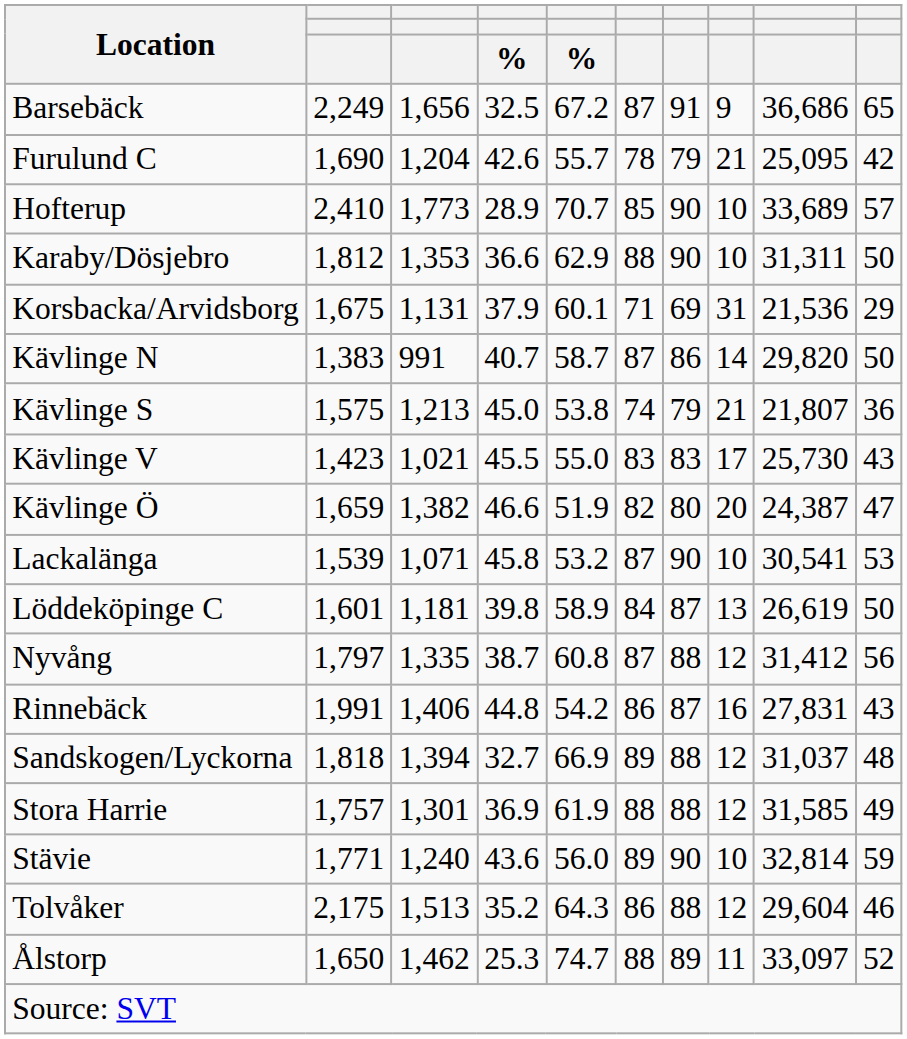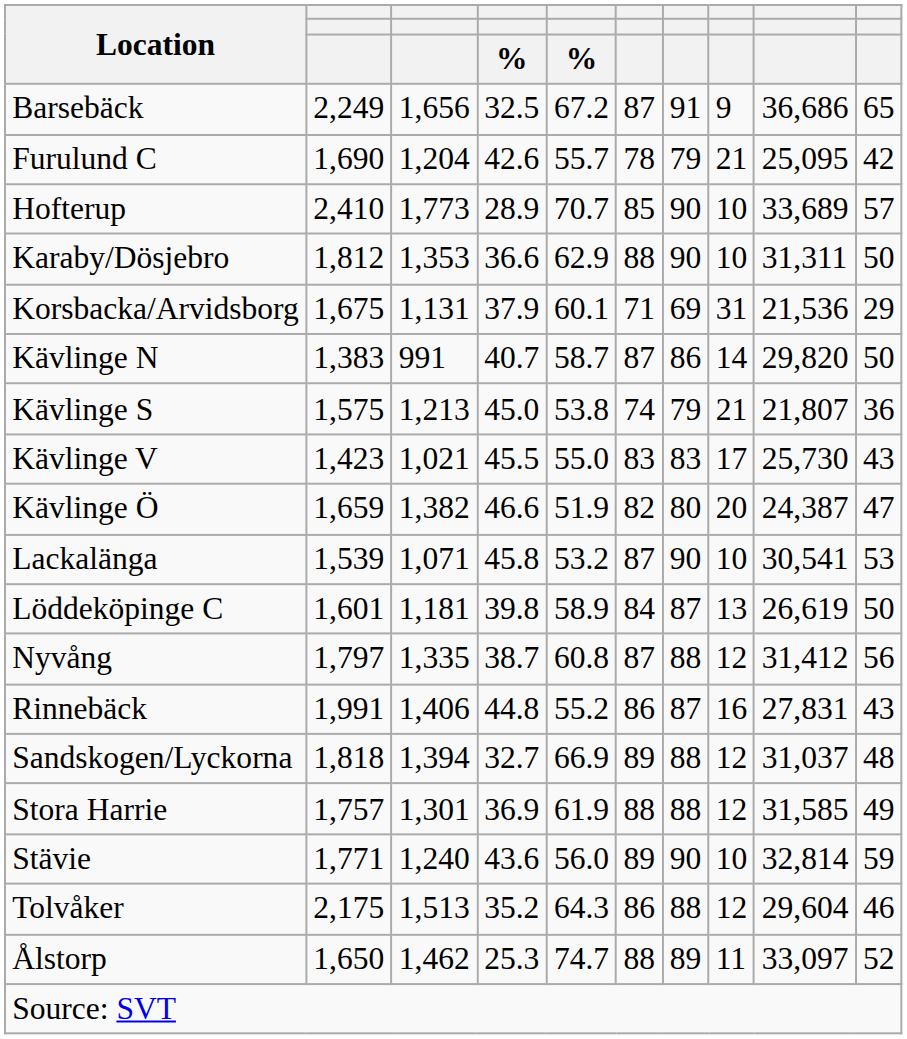 <table role="presentation" class="wikitable sortable mw-collapsible">
 <tr>
 <th rowspan="3">Location</th>
 <th></th>
 <th></th>
 <th></th>
 <th></th>
 <th></th>
 <th></th>
 <th></th>
 <th></th>
 <th></th>
 </tr>
 <tr>
 <th></th>
 <th></th>
 <th style="background:"></th>
 <th style="background:"></th>
 <th></th>
 <th></th>
 <th></th>
 <th></th>
 <th></th>
 </tr>
 <tr>
 <th data-sort-type="number"></th>
 <th data-sort-type="number"></th>
 <th data-sort-type="number">%</th>
 <th data-sort-type="number">%</th>
 <th data-sort-type="number"></th>
 <th data-sort-type="number"></th>
 <th data-sort-type="number"></th>
 <th data-sort-type="number"></th>
 <th data-sort-type="number"></th>
 </tr>
 <tr>
 <td align="left">Barsebäck</td>
 <td>2,249</td>
 <td>1,656</td>
 <td>32.5</td>
 <td>67.2</td>
 <td>87</td>
 <td>91</td>
 <td>9</td>
 <td>36,686</td>
 <td>65</td>
 </tr>
 <tr>
 <td align="left">Furulund C</td>
 <td>1,690</td>
 <td>1,204</td>
 <td>42.6</td>
 <td>55.7</td>
 <td>78</td>
 <td>79</td>
 <td>21</td>
 <td>25,095</td>
 <td>42</td>
 </tr>
 <tr>
 <td align="left">Hofterup</td>
 <td>2,410</td>
 <td>1,773</td>
 <td>28.9</td>
 <td>70.7</td>
 <td>85</td>
 <td>90</td>
 <td>10</td>
 <td>33,689</td>
 <td>57</td>
 </tr>
 <tr>
 <td align="left">Karaby/Dösjebro</td>
 <td>1,812</td>
 <td>1,353</td>
 <td>36.6</td>
 <td>62.9</td>
 <td>88</td>
 <td>90</td>
 <td>10</td>
 <td>31,311</td>
 <td>50</td>
 </tr>
 <tr>
 <td align="left">Korsbacka/Arvidsborg</td>
 <td>1,675</td>
 <td>1,131</td>
 <td>37.9</td>
 <td>60.1</td>
 <td>71</td>
 <td>69</td>
 <td>31</td>
 <td>21,536</td>
 <td>29</td>
 </tr>
 <tr>
 <td align="left">Kävlinge N</td>
 <td>1,383</td>
 <td>991</td>
 <td>40.7</td>
 <td>58.7</td>
 <td>87</td>
 <td>86</td>
 <td>14</td>
 <td>29,820</td>
 <td>50</td>
 </tr>
 <tr>
 <td align="left">Kävlinge S</td>
 <td>1,575</td>
 <td>1,213</td>
 <td>45.0</td>
 <td>53.8</td>
 <td>74</td>
 <td>79</td>
 <td>21</td>
 <td>21,807</td>
 <td>36</td>
 </tr>
 <tr>
 <td align="left">Kävlinge V</td>
 <td>1,423</td>
 <td>1,021</td>
 <td>45.5</td>
 <td>55.0</td>
 <td>83</td>
 <td>83</td>
 <td>17</td>
 <td>25,730</td>
 <td>43</td>
 </tr>
 <tr>
 <td align="left">Kävlinge Ö</td>
 <td>1,659</td>
 <td>1,382</td>
 <td>46.6</td>
 <td>51.9</td>
 <td>82</td>
 <td>80</td>
 <td>20</td>
 <td>24,387</td>
 <td>47</td>
 </tr>
 <tr>
 <td align="left">Lackalänga</td>
 <td>1,539</td>
 <td>1,071</td>
 <td>45.8</td>
 <td>53.2</td>
 <td>87</td>
 <td>90</td>
 <td>10</td>
 <td>30,541</td>
 <td>53</td>
 </tr>
 <tr>
 <td align="left">Löddeköpinge C</td>
 <td>1,601</td>
 <td>1,181</td>
 <td>39.8</td>
 <td>58.9</td>
 <td>84</td>
 <td>87</td>
 <td>13</td>
 <td>26,619</td>
 <td>50</td>
 </tr>
 <tr>
 <td align="left">Nyvång</td>
 <td>1,797</td>
 <td>1,335</td>
 <td>38.7</td>
 <td>60.8</td>
 <td>87</td>
 <td>88</td>
 <td>12</td>
 <td>31,412</td>
 <td>56</td>
 </tr>
 <tr>
 <td align="left">Rinnebäck</td>
 <td>1,991</td>
 <td>1,406</td>
 <td>44.8</td>
-<td>54.2</td>
+<td>55.2</td>
 <td>86</td>
 <td>87</td>
 <td>16</td>
 <td>27,831</td>
 <td>43</td>
 </tr>
 <tr>
 <td align="left">Sandskogen/Lyckorna</td>
 <td>1,818</td>
 <td>1,394</td>
 <td>32.7</td>
 <td>66.9</td>
 <td>89</td>
 <td>88</td>
 <td>12</td>
 <td>31,037</td>
 <td>48</td>
 </tr>
 <tr>
 <td align="left">Stora Harrie</td>
 <td>1,757</td>
 <td>1,301</td>
 <td>36.9</td>
 <td>61.9</td>
 <td>88</td>
 <td>88</td>
 <td>12</td>
 <td>31,585</td>
 <td>49</td>
 </tr>
 <tr>
 <td align="left">Stävie</td>
 <td>1,771</td>
 <td>1,240</td>
 <td>43.6</td>
 <td>56.0</td>
 <td>89</td>
 <td>90</td>
 <td>10</td>
 <td>32,814</td>
 <td>59</td>
 </tr>
 <tr>
 <td align="left">Tolvåker</td>
 <td>2,175</td>
 <td>1,513</td>
 <td>35.2</td>
 <td>64.3</td>
 <td>86</td>
 <td>88</td>
 <td>12</td>
 <td>29,604</td>
 <td>46</td>
 </tr>
 <tr>
 <td align="left">Ålstorp</td>
 <td>1,650</td>
 <td>1,462</td>
 <td>25.3</td>
 <td>74.7</td>
 <td>88</td>
 <td>89</td>
 <td>11</td>
 <td>33,097</td>
 <td>52</td>
 </tr>
 <tr>
 <td colspan="10" align="left">Source: <a href='#'>SVT</a></td>
 </tr>
 </table>
